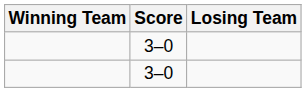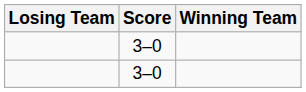 <table class=wikitable style="border:1px solid #AAAAAA;">
 <tr>
+<th>Losing Team</th>
+<th>Score</th>
 <th>Winning Team</th>
-<th>Score</th>
-<th>Losing Team</th>
 </tr>
 <tr>
+<td></td>
+<td align="center">3–0</td>
 <td><strong></strong></td>
-<td align="center">3–0</td>
-<td></td>
 </tr>
 <tr>
+<td></td>
+<td align="center">3–0</td>
 <td><strong></strong></td>
-<td align="center">3–0</td>
-<td></td>
 </tr>
 </table>
